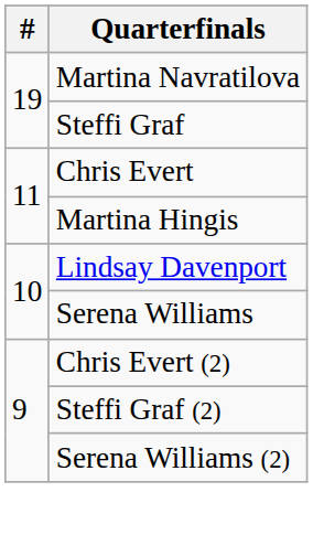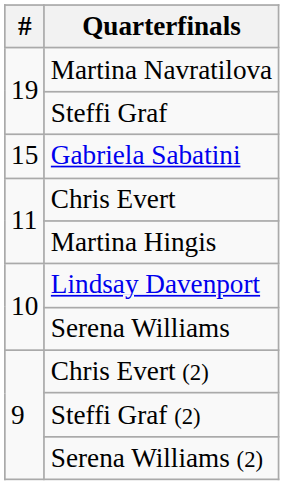 <table class=wikitable style="display:inline-table;">
 <tr>
 <th>#</th>
 <th>Quarterfinals</th>
 </tr>
 <tr>
 <td rowspan=2>19</td>
 <td> Martina Navratilova</td>
 </tr>
 <tr>
 <td> Steffi Graf</td>
+</tr>
+<tr>
+<td>15</td>
+<td> <a href='#'>Gabriela Sabatini</a></td>
 </tr>
 <tr>
 <td rowspan=2>11</td>
 <td> Chris Evert</td>
 </tr>
 <tr>
 <td> Martina Hingis</td>
 </tr>
 <tr>
 <td rowspan=2>10</td>
 <td> <a href='#'>Lindsay Davenport</a></td>
 </tr>
 <tr>
 <td> Serena Williams</td>
 </tr>
 <tr>
 <td rowspan=3>9</td>
 <td> Chris Evert <small>(2)</small></td>
 </tr>
 <tr>
 <td> Steffi Graf <small>(2)</small></td>
 </tr>
 <tr>
 <td> Serena Williams <small>(2)</small></td>
 </tr>
 </table>
